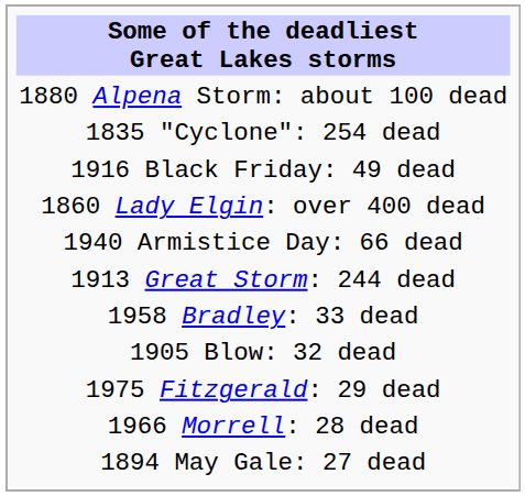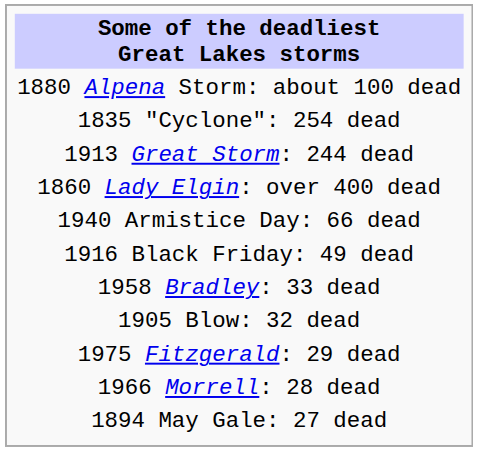 <table class="infobox" style="font-size:88%;text-align:center;">
 <tr>
 <td style="background:#ccf;"><strong>Some of the deadliest<br> Great Lakes storms</strong></td>
 </tr>
 <tr>
 <td>1880 <a href='#'><em>Alpena</em></a> Storm: about 100 dead</td>
 </tr>
 <tr>
 <td>1835 "Cyclone": 254 dead</td>
 </tr>
 <tr>
-<td>1916 Black Friday: 49 dead</td>
+<td>1913 <a href='#'><em>Great Storm</em></a>: 244 dead</td>
 </tr>
 <tr>
 <td>1860 <a href='#'><em>Lady Elgin</em></a>: over 400 dead</td>
 </tr>
 <tr>
 <td>1940 Armistice Day: 66 dead</td>
 </tr>
 <tr>
-<td>1913 <a href='#'><em>Great Storm</em></a>: 244 dead</td>
+<td>1916 Black Friday: 49 dead</td>
 </tr>
 <tr>
 <td>1958 <a href='#'><em>Bradley</em></a>: 33 dead</td>
 </tr>
 <tr>
 <td>1905 Blow: 32 dead</td>
 </tr>
 <tr>
 <td>1975 <a href='#'><em>Fitzgerald</em></a>: 29 dead</td>
 </tr>
 <tr>
 <td>1966 <a href='#'><em>Morrell</em></a>: 28 dead</td>
 </tr>
 <tr>
 <td>1894 May Gale: 27 dead</td>
 </tr>
 </table>
